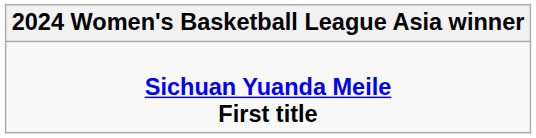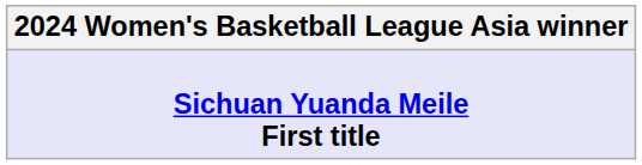 <table class=wikitable style="text-align:center; margin:auto">
 <tr>
 <th>2024 Women's Basketball League Asia winner</th>
 </tr>
 <tr>
-<td><br><strong><a href='#'>Sichuan Yuanda Meile</a></strong><br><strong>First title</strong></td>
+<td style="background: lavender;"><br><strong><a href='#'>Sichuan Yuanda Meile</a></strong><br><strong>First title</strong></td>
 </tr>
 </table>
